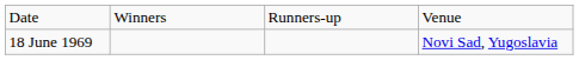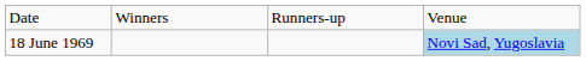 <table class="wikitable">
 <tr>
 <td width=100>Date</td>
 <td width=150>Winners</td>
 <td width=150>Runners-up</td>
 <td width=150>Venue</td>
 </tr>
 <tr>
 <td>18 June 1969</td>
 <td></td>
 <td></td>
-<td><a href='#'>Novi Sad</a>, <a href='#'>Yugoslavia</a></td>
+<td style="background: lightblue;"><a href='#'>Novi Sad</a>, <a href='#'>Yugoslavia</a></td>
 </tr>
 </table>
